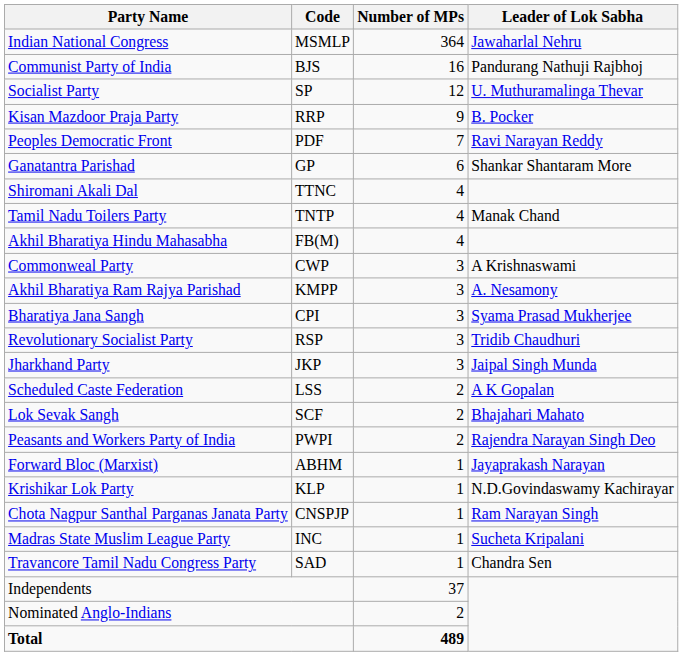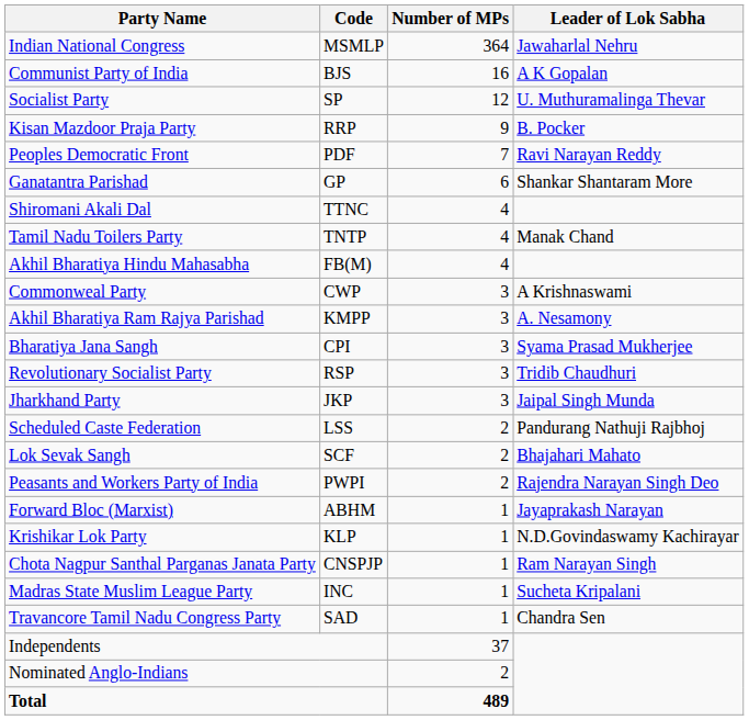 <table class="sortable wikitable" style=text-align:right>
 <tr>
 <th>Party Name</th>
 <th>Code</th>
 <th>Number of MPs</th>
 <th>Leader of Lok Sabha</th>
 </tr>
 <tr>
 <td align=left><a href='#'>Indian National Congress</a></td>
 <td align=left>MSMLP</td>
 <td>364</td>
 <td align=left><a href='#'>Jawaharlal Nehru</a></td>
 </tr>
 <tr>
 <td align=left><a href='#'>Communist Party of India</a></td>
 <td align=left>BJS</td>
 <td>16</td>
-<td align=left>Pandurang Nathuji Rajbhoj</td>
+<td align=left><a href='#'>A K Gopalan</a></td>
 </tr>
 <tr>
 <td align=left><a href='#'>Socialist Party</a></td>
 <td align=left>SP</td>
 <td>12</td>
 <td align=left><a href='#'>U. Muthuramalinga Thevar</a></td>
 </tr>
 <tr>
 <td align=left><a href='#'>Kisan Mazdoor Praja Party</a></td>
 <td align=left>RRP</td>
 <td>9</td>
 <td align=left><a href='#'>B. Pocker</a></td>
 </tr>
 <tr>
 <td align=left><a href='#'>Peoples Democratic Front</a></td>
 <td align=left>PDF</td>
 <td>7</td>
 <td align=left><a href='#'>Ravi Narayan Reddy</a></td>
 </tr>
 <tr>
 <td align=left><a href='#'>Ganatantra Parishad</a></td>
 <td align=left>GP</td>
 <td>6</td>
 <td align=left>Shankar Shantaram More</td>
 </tr>
 <tr>
 <td align=left><a href='#'>Shiromani Akali Dal</a></td>
 <td align=left>TTNC</td>
 <td>4</td>
 </tr>
 <tr>
 <td align=left><a href='#'>Tamil Nadu Toilers Party</a></td>
 <td align=left>TNTP</td>
 <td>4</td>
 <td align=left>Manak Chand</td>
 </tr>
 <tr>
 <td align=left><a href='#'>Akhil Bharatiya Hindu Mahasabha</a></td>
 <td align=left>FB(M)</td>
 <td>4</td>
 </tr>
 <tr>
 <td align=left><a href='#'>Commonweal Party</a></td>
 <td align=left>CWP</td>
 <td>3</td>
 <td align=left>A Krishnaswami</td>
 </tr>
 <tr>
 <td align=left><a href='#'>Akhil Bharatiya Ram Rajya Parishad</a></td>
 <td align=left>KMPP</td>
 <td>3</td>
 <td align=left><a href='#'>A. Nesamony</a></td>
 </tr>
 <tr>
 <td align=left><a href='#'>Bharatiya Jana Sangh</a></td>
 <td align=left>CPI</td>
 <td>3</td>
 <td align=left><a href='#'>Syama Prasad Mukherjee</a></td>
 </tr>
 <tr>
 <td align=left><a href='#'>Revolutionary Socialist Party</a></td>
 <td align=left>RSP</td>
 <td>3</td>
 <td align=left><a href='#'>Tridib Chaudhuri</a></td>
 </tr>
 <tr>
 <td align=left><a href='#'>Jharkhand Party</a></td>
 <td align=left>JKP</td>
 <td>3</td>
 <td align=left><a href='#'>Jaipal Singh Munda</a></td>
 </tr>
 <tr>
 <td align=left><a href='#'>Scheduled Caste Federation</a></td>
 <td align=left>LSS</td>
 <td>2</td>
-<td align=left><a href='#'>A K Gopalan</a></td>
+<td align=left>Pandurang Nathuji Rajbhoj</td>
 </tr>
 <tr>
 <td align=left><a href='#'>Lok Sevak Sangh</a></td>
 <td align=left>SCF</td>
 <td>2</td>
 <td align=left><a href='#'>Bhajahari Mahato</a></td>
 </tr>
 <tr>
 <td align=left><a href='#'>Peasants and Workers Party of India</a></td>
 <td align=left>PWPI</td>
 <td>2</td>
 <td align=left><a href='#'>Rajendra Narayan Singh Deo</a></td>
 </tr>
 <tr>
 <td align=left><a href='#'>Forward Bloc (Marxist)</a></td>
 <td align=left>ABHM</td>
 <td>1</td>
 <td align=left><a href='#'>Jayaprakash Narayan</a></td>
 </tr>
 <tr>
 <td align=left><a href='#'>Krishikar Lok Party</a></td>
 <td align=left>KLP</td>
 <td>1</td>
 <td align=left>N.D.Govindaswamy Kachirayar</td>
 </tr>
 <tr>
 <td align=left><a href='#'>Chota Nagpur Santhal Parganas Janata Party</a></td>
 <td align="left">CNSPJP</td>
 <td>1</td>
 <td align=left><a href='#'>Ram Narayan Singh</a></td>
 </tr>
 <tr>
 <td align=left><a href='#'>Madras State Muslim League Party</a></td>
 <td align=left>INC</td>
 <td>1</td>
 <td align=left><a href='#'>Sucheta Kripalani</a></td>
 </tr>
 <tr>
 <td align=left><a href='#'>Travancore Tamil Nadu Congress Party</a></td>
 <td align=left>SAD</td>
 <td>1</td>
 <td align=left>Chandra Sen</td>
 </tr>
 <tr>
 <td align=left colspan=2>Independents</td>
 <td>37</td>
 </tr>
 <tr>
 <td align=left colspan=2>Nominated <a href='#'>Anglo-Indians</a></td>
 <td>2</td>
 </tr>
 <tr>
 <td align=left colspan=2><strong>Total</strong></td>
 <td><strong>489</strong></td>
 </tr>
 </table>
